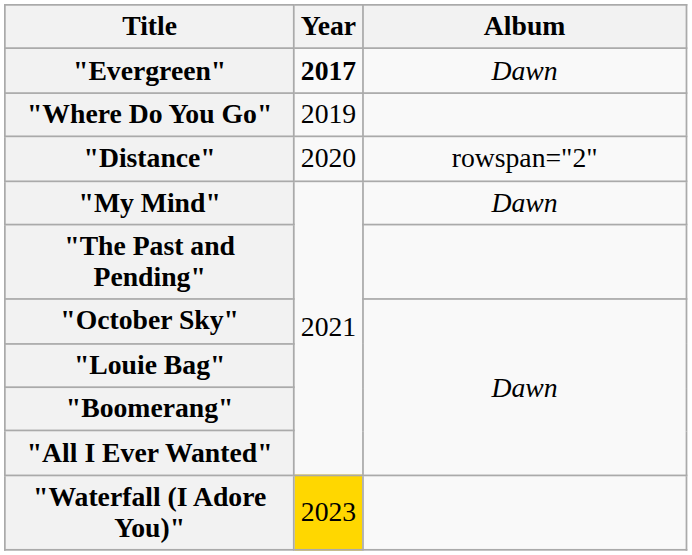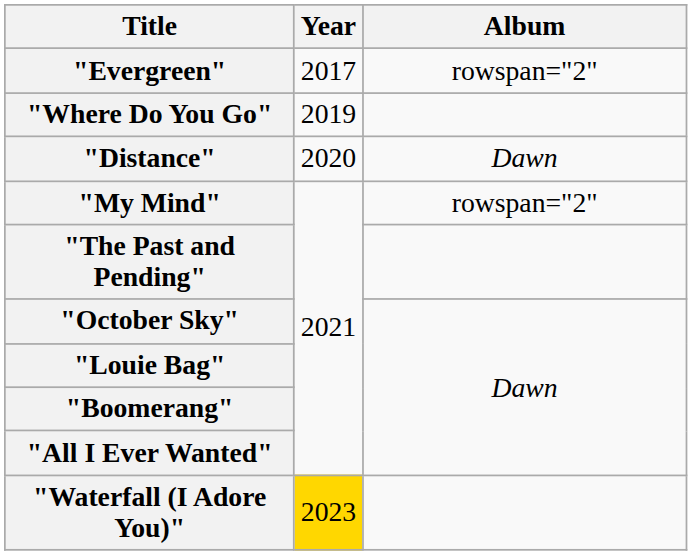 <table class="wikitable plainrowheaders" style="text-align:center;">
 <tr>
 <th scope="col" style="width:160px;">Title</th>
 <th scope="col">Year</th>
 <th scope="col" style="width:180px;">Album</th>
 </tr>
 <tr>
 <th scope="row">"Evergreen"</th>
-<td><strong>2017</strong></td>
-<td><em>Dawn</em></td>
+<td>2017</td>
+<td>rowspan="2" </td>
 </tr>
 <tr>
 <th scope="row">"Where Do You Go"</th>
 <td>2019</td>
 </tr>
 <tr>
 <th scope="row">"Distance"</th>
 <td>2020</td>
-<td>rowspan="2" </td>
+<td><em>Dawn</em></td>
 </tr>
 <tr>
 <th scope="row">"My Mind"</th>
 <td rowspan="6">2021</td>
-<td><em>Dawn</em></td>
+<td>rowspan="2" </td>
 </tr>
 <tr>
 <th scope="row">"The Past and Pending"</th>
 </tr>
 <tr>
 <th scope="row">"October Sky"</th>
 <td rowspan="4"><em>Dawn</em></td>
 </tr>
 <tr>
 <th scope="row">"Louie Bag"<br></th>
 </tr>
 <tr>
 <th scope="row">"Boomerang"</th>
 </tr>
 <tr>
 <th scope="row">"All I Ever Wanted"</th>
 </tr>
 <tr>
 <th scope="row">"Waterfall (I Adore You)"<br></th>
 <td style="background: gold;">2023</td>
 <td></td>
 </tr>
 </table>
